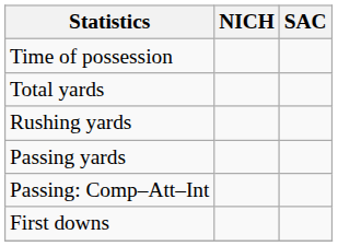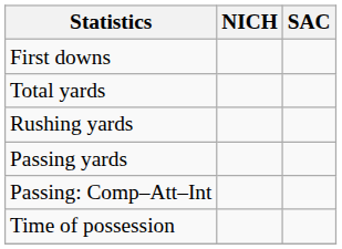 <table class="wikitable" style="float: left;">
 <tr>
 <th>Statistics</th>
 <th>NICH</th>
 <th>SAC</th>
 </tr>
 <tr>
-<td>Time of possession</td>
+<td>First downs</td>
 <td></td>
 <td></td>
 </tr>
 <tr>
 <td>Total yards</td>
 <td></td>
 <td></td>
 </tr>
 <tr>
 <td>Rushing yards</td>
 <td></td>
 <td></td>
 </tr>
 <tr>
 <td>Passing yards</td>
 <td></td>
 <td></td>
 </tr>
 <tr>
 <td>Passing: Comp–Att–Int</td>
 <td></td>
 <td></td>
 </tr>
 <tr>
-<td>First downs</td>
+<td>Time of possession</td>
 <td></td>
 <td></td>
 </tr>
 <tr>
 </tr>
 </table>
